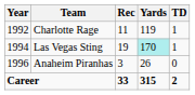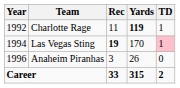 <table class="wikitable">
 <tr>
 <th>Year</th>
 <th>Team</th>
 <th>Rec</th>
 <th>Yards</th>
 <th>TD</th>
 </tr>
 <tr>
 <td>1992</td>
 <td>Charlotte Rage</td>
 <td>11</td>
-<td>119</td>
+<td><strong>119</strong></td>
 <td>1</td>
 </tr>
 <tr>
 <td>1994</td>
 <td>Las Vegas Sting</td>
-<td>19</td>
-<td style="background: paleturquoise;">170</td>
-<td>1</td>
+<td><strong>19</strong></td>
+<td>170</td>
+<td style="background: pink;">1</td>
 </tr>
 <tr>
 <td>1996</td>
 <td>Anaheim Piranhas</td>
 <td>3</td>
 <td>26</td>
 <td>0</td>
 </tr>
 <tr>
 <td colspan=2><strong>Career</strong></td>
 <td><strong>33</strong></td>
 <td><strong>315</strong></td>
 <td><strong>2</strong></td>
 </tr>
 </table>
